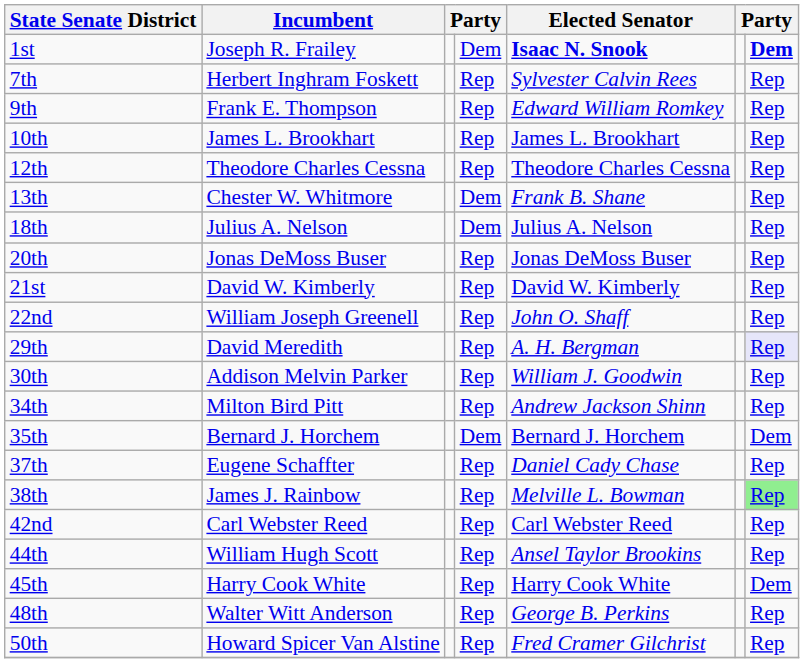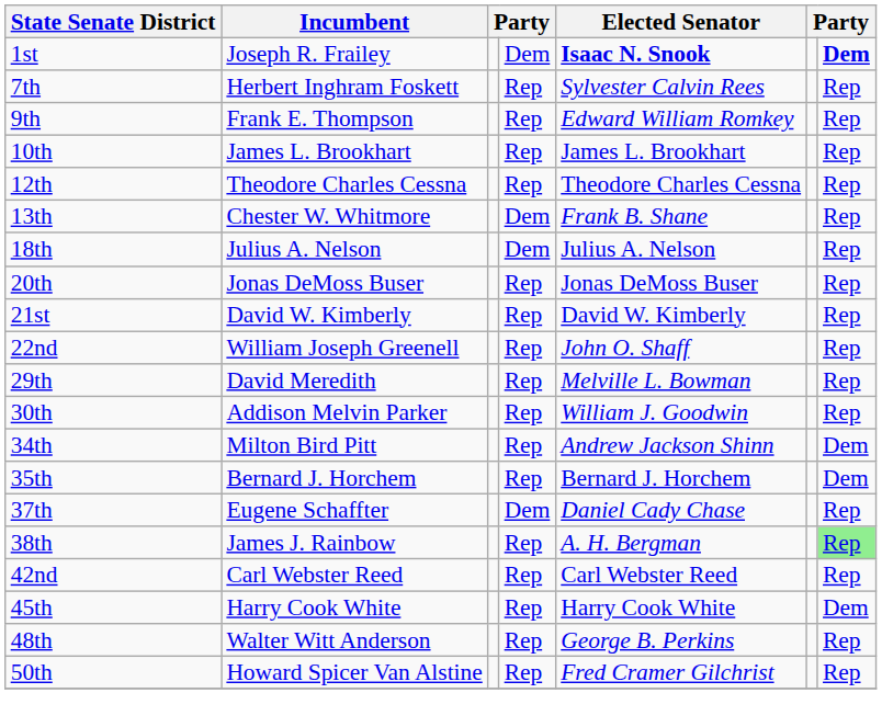 <table class="sortable wikitable" style="font-size:95%;line-height:14px;">
 <tr>
 <th class="unsortable"><a href='#'>State Senate</a> District</th>
 <th class="unsortable"><a href='#'>Incumbent</a></th>
 <th colspan="2">Party</th>
 <th class="unsortable">Elected Senator</th>
 <th colspan="2">Party</th>
 </tr>
 <tr>
 <td><a href='#'>1st</a></td>
 <td><a href='#'>Joseph R. Frailey</a></td>
 <td style="background:"></td>
 <td><a href='#'>Dem</a></td>
 <td><strong><a href='#'>Isaac N. Snook</a></strong></td>
 <td style="background:"></td>
 <td><strong><a href='#'>Dem</a></strong></td>
 </tr>
 <tr>
 <td><a href='#'>7th</a></td>
 <td><a href='#'>Herbert Inghram Foskett</a></td>
 <td style="background:"></td>
 <td><a href='#'>Rep</a></td>
 <td><em><a href='#'>Sylvester Calvin Rees</a></em></td>
 <td style="background:"></td>
 <td><a href='#'>Rep</a></td>
 </tr>
 <tr>
 <td><a href='#'>9th</a></td>
 <td><a href='#'>Frank E. Thompson</a></td>
 <td style="background:"></td>
 <td><a href='#'>Rep</a></td>
 <td><em><a href='#'>Edward William Romkey</a></em></td>
 <td style="background:"></td>
 <td><a href='#'>Rep</a></td>
 </tr>
 <tr>
 <td><a href='#'>10th</a></td>
 <td><a href='#'>James L. Brookhart</a></td>
 <td style="background:"></td>
 <td><a href='#'>Rep</a></td>
 <td><a href='#'>James L. Brookhart</a></td>
 <td style="background:"></td>
 <td><a href='#'>Rep</a></td>
 </tr>
 <tr>
 <td><a href='#'>12th</a></td>
 <td><a href='#'>Theodore Charles Cessna</a></td>
 <td style="background:"></td>
 <td><a href='#'>Rep</a></td>
 <td><a href='#'>Theodore Charles Cessna</a></td>
 <td style="background:"></td>
 <td><a href='#'>Rep</a></td>
 </tr>
 <tr>
 <td><a href='#'>13th</a></td>
 <td><a href='#'>Chester W. Whitmore</a></td>
 <td style="background:"></td>
 <td><a href='#'>Dem</a></td>
 <td><em><a href='#'>Frank B. Shane</a></em></td>
 <td style="background:"></td>
 <td><a href='#'>Rep</a></td>
 </tr>
 <tr>
 <td><a href='#'>18th</a></td>
 <td><a href='#'>Julius A. Nelson</a></td>
 <td style="background:"></td>
 <td><a href='#'>Dem</a></td>
 <td><a href='#'>Julius A. Nelson</a></td>
 <td style="background:"></td>
 <td><a href='#'>Rep</a></td>
 </tr>
 <tr>
 <td><a href='#'>20th</a></td>
 <td><a href='#'>Jonas DeMoss Buser</a></td>
 <td style="background:"></td>
 <td><a href='#'>Rep</a></td>
 <td><a href='#'>Jonas DeMoss Buser</a></td>
 <td style="background:"></td>
 <td><a href='#'>Rep</a></td>
 </tr>
 <tr>
 <td><a href='#'>21st</a></td>
 <td><a href='#'>David W. Kimberly</a></td>
 <td style="background:"></td>
 <td><a href='#'>Rep</a></td>
 <td><a href='#'>David W. Kimberly</a></td>
 <td style="background:"></td>
 <td><a href='#'>Rep</a></td>
 </tr>
 <tr>
 <td><a href='#'>22nd</a></td>
 <td><a href='#'>William Joseph Greenell</a></td>
 <td style="background:"></td>
 <td><a href='#'>Rep</a></td>
 <td><em><a href='#'>John O. Shaff</a></em></td>
 <td style="background:"></td>
 <td><a href='#'>Rep</a></td>
 </tr>
 <tr>
 <td><a href='#'>29th</a></td>
 <td><a href='#'>David Meredith</a></td>
 <td style="background:"></td>
 <td><a href='#'>Rep</a></td>
-<td><em><a href='#'>A. H. Bergman</a></em></td>
+<td><em><a href='#'>Melville L. Bowman</a></em></td>
 <td style="background:"></td>
-<td style="background: lavender;"><a href='#'>Rep</a></td>
+<td><a href='#'>Rep</a></td>
 </tr>
 <tr>
 <td><a href='#'>30th</a></td>
 <td><a href='#'>Addison Melvin Parker</a></td>
 <td style="background:"></td>
 <td><a href='#'>Rep</a></td>
 <td><em><a href='#'>William J. Goodwin</a></em></td>
 <td style="background:"></td>
 <td><a href='#'>Rep</a></td>
 </tr>
 <tr>
 <td><a href='#'>34th</a></td>
 <td><a href='#'>Milton Bird Pitt</a></td>
 <td style="background:"></td>
 <td><a href='#'>Rep</a></td>
 <td><em><a href='#'>Andrew Jackson Shinn</a></em></td>
 <td style="background:"></td>
-<td><a href='#'>Rep</a></td>
+<td><a href='#'>Dem</a></td>
 </tr>
 <tr>
 <td><a href='#'>35th</a></td>
 <td><a href='#'>Bernard J. Horchem</a></td>
 <td style="background:"></td>
-<td><a href='#'>Dem</a></td>
+<td><a href='#'>Rep</a></td>
 <td><a href='#'>Bernard J. Horchem</a></td>
 <td style="background:"></td>
 <td><a href='#'>Dem</a></td>
 </tr>
 <tr>
 <td><a href='#'>37th</a></td>
 <td><a href='#'>Eugene Schaffter</a></td>
 <td style="background:"></td>
-<td><a href='#'>Rep</a></td>
+<td><a href='#'>Dem</a></td>
 <td><em><a href='#'>Daniel Cady Chase</a></em></td>
 <td style="background:"></td>
 <td><a href='#'>Rep</a></td>
 </tr>
 <tr>
 <td><a href='#'>38th</a></td>
 <td><a href='#'>James J. Rainbow</a></td>
 <td style="background:"></td>
 <td><a href='#'>Rep</a></td>
-<td><em><a href='#'>Melville L. Bowman</a></em></td>
+<td><em><a href='#'>A. H. Bergman</a></em></td>
 <td style="background:"></td>
 <td style="background: lightgreen;"><a href='#'>Rep</a></td>
 </tr>
 <tr>
 <td><a href='#'>42nd</a></td>
 <td><a href='#'>Carl Webster Reed</a></td>
 <td style="background:"></td>
 <td><a href='#'>Rep</a></td>
 <td><a href='#'>Carl Webster Reed</a></td>
-<td style="background:"></td>
-<td><a href='#'>Rep</a></td>
-</tr>
-<tr>
-<td><a href='#'>44th</a></td>
-<td><a href='#'>William Hugh Scott</a></td>
-<td style="background:"></td>
-<td><a href='#'>Rep</a></td>
-<td><em><a href='#'>Ansel Taylor Brookins</a></em></td>
 <td style="background:"></td>
 <td><a href='#'>Rep</a></td>
 </tr>
 <tr>
 <td><a href='#'>45th</a></td>
 <td><a href='#'>Harry Cook White</a></td>
 <td style="background:"></td>
 <td><a href='#'>Rep</a></td>
 <td><a href='#'>Harry Cook White</a></td>
 <td style="background:"></td>
 <td><a href='#'>Dem</a></td>
 </tr>
 <tr>
 <td><a href='#'>48th</a></td>
 <td><a href='#'>Walter Witt Anderson</a></td>
 <td style="background:"></td>
 <td><a href='#'>Rep</a></td>
 <td><em><a href='#'>George B. Perkins</a></em></td>
 <td style="background:"></td>
 <td><a href='#'>Rep</a></td>
 </tr>
 <tr>
 <td><a href='#'>50th</a></td>
 <td><a href='#'>Howard Spicer Van Alstine</a></td>
 <td style="background:"></td>
 <td><a href='#'>Rep</a></td>
 <td><em><a href='#'>Fred Cramer Gilchrist</a></em></td>
 <td style="background:"></td>
 <td><a href='#'>Rep</a></td>
 </tr>
 <tr>
 </tr>
 </table>
